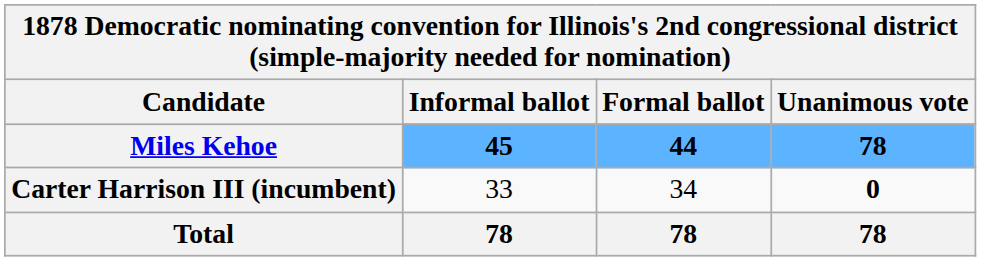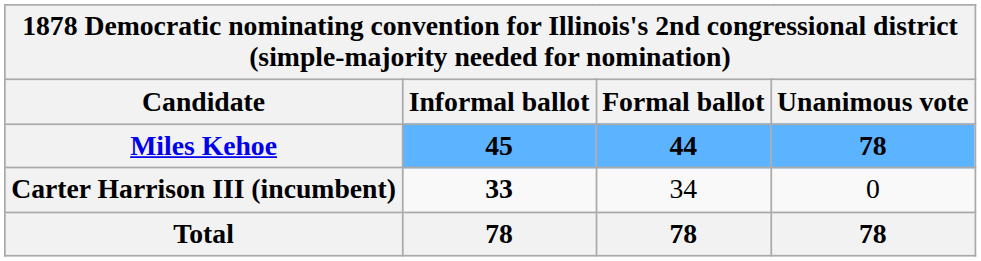 <table class="wikitable sortable" style="text-align:center">
 <tr>
 <th colspan="8"><strong>1878 Democratic nominating convention for Illinois's 2nd congressional district<br>(simple-majority needed for nomination)</strong></th>
 </tr>
 <tr>
 <th>Candidate</th>
 <th>Informal ballot</th>
 <th>Formal ballot</th>
 <th>Unanimous vote</th>
 </tr>
 <tr>
 <th><a href='#'>Miles Kehoe</a></th>
 <td style="background:#5cb3ff"><strong>45</strong></td>
 <td style="background:#5cb3ff"><strong>44</strong></td>
 <td style="background:#5cb3ff"><strong>78</strong></td>
 </tr>
 <tr>
 <th>Carter Harrison III (incumbent)</th>
-<td>33</td>
+<td><strong>33</strong></td>
 <td>34</td>
-<td><strong>0</strong></td>
+<td>0</td>
 </tr>
 <tr>
 <th>Total</th>
 <th>78</th>
 <th>78</th>
 <th>78</th>
 </tr>
 </table>
